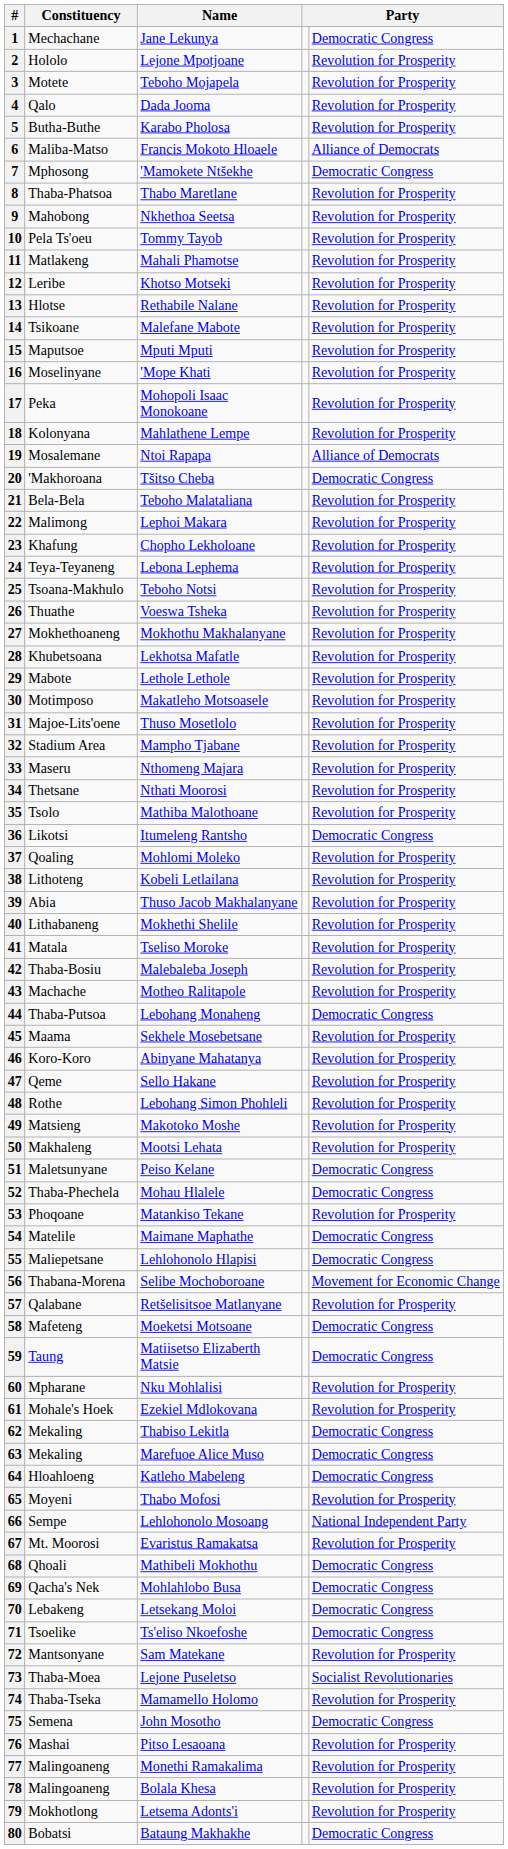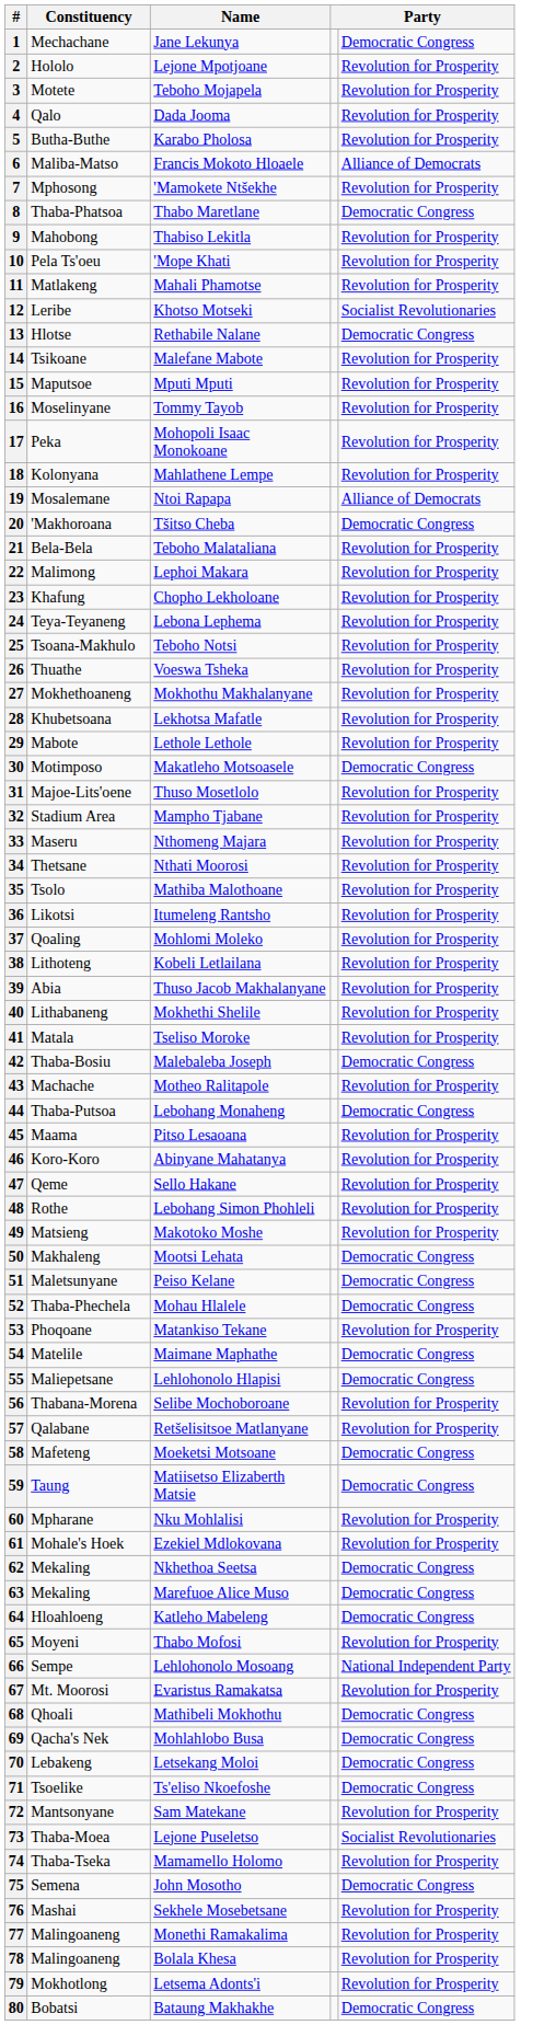 <table class="wikitable sortable" id="elected-mps">
 <tr>
 <th>#</th>
 <th style="width:120px">Constituency</th>
 <th style="width:180px">Name</th>
 <th colspan=2>Party</th>
 </tr>
 <tr>
 <th>1</th>
 <td>Mechachane</td>
 <td><a href='#'>Jane Lekunya</a></td>
 <td style="background-color: "></td>
 <td><a href='#'>Democratic Congress</a></td>
 </tr>
 <tr>
 <th>2</th>
 <td>Hololo</td>
 <td><a href='#'>Lejone Mpotjoane</a></td>
 <td style="background-color: "></td>
 <td><a href='#'>Revolution for Prosperity</a></td>
 </tr>
 <tr>
 <th>3</th>
 <td>Motete</td>
 <td><a href='#'>Teboho Mojapela</a></td>
 <td style="background-color: "></td>
 <td><a href='#'>Revolution for Prosperity</a></td>
 </tr>
 <tr>
 <th>4</th>
 <td>Qalo</td>
 <td><a href='#'>Dada Jooma</a></td>
 <td style="background-color: "></td>
 <td><a href='#'>Revolution for Prosperity</a></td>
 </tr>
 <tr>
 <th>5</th>
 <td>Butha-Buthe</td>
 <td><a href='#'>Karabo Pholosa</a></td>
 <td style="background-color: "></td>
 <td><a href='#'>Revolution for Prosperity</a></td>
 </tr>
 <tr>
 <th>6</th>
 <td>Maliba-Matso</td>
 <td><a href='#'>Francis Mokoto Hloaele</a></td>
 <td style="background-color: "></td>
 <td><a href='#'>Alliance of Democrats</a></td>
 </tr>
 <tr>
 <th>7</th>
 <td>Mphosong</td>
 <td><a href='#'>'Mamokete Ntšekhe</a></td>
 <td style="background-color: "></td>
-<td><a href='#'>Democratic Congress</a></td>
+<td><a href='#'>Revolution for Prosperity</a></td>
 </tr>
 <tr>
 <th>8</th>
 <td>Thaba-Phatsoa</td>
 <td><a href='#'>Thabo Maretlane</a></td>
 <td style="background-color: "></td>
-<td><a href='#'>Revolution for Prosperity</a></td>
+<td><a href='#'>Democratic Congress</a></td>
 </tr>
 <tr>
 <th>9</th>
 <td>Mahobong</td>
-<td><a href='#'>Nkhethoa Seetsa</a></td>
+<td><a href='#'>Thabiso Lekitla</a></td>
 <td style="background-color: "></td>
 <td><a href='#'>Revolution for Prosperity</a></td>
 </tr>
 <tr>
 <th>10</th>
 <td>Pela Ts'oeu</td>
-<td><a href='#'>Tommy Tayob</a></td>
+<td><a href='#'>'Mope Khati</a></td>
 <td style="background-color: "></td>
 <td><a href='#'>Revolution for Prosperity</a></td>
 </tr>
 <tr>
 <th>11</th>
 <td>Matlakeng</td>
 <td><a href='#'>Mahali Phamotse</a></td>
 <td style="background-color: "></td>
 <td><a href='#'>Revolution for Prosperity</a></td>
 </tr>
 <tr>
 <th>12</th>
 <td>Leribe</td>
 <td><a href='#'>Khotso Motseki</a></td>
 <td style="background-color: "></td>
-<td><a href='#'>Revolution for Prosperity</a></td>
+<td><a href='#'>Socialist Revolutionaries</a></td>
 </tr>
 <tr>
 <th>13</th>
 <td>Hlotse</td>
 <td><a href='#'>Rethabile Nalane</a></td>
 <td style="background-color: "></td>
-<td><a href='#'>Revolution for Prosperity</a></td>
+<td><a href='#'>Democratic Congress</a></td>
 </tr>
 <tr>
 <th>14</th>
 <td>Tsikoane</td>
 <td><a href='#'>Malefane Mabote</a></td>
 <td style="background-color: "></td>
 <td><a href='#'>Revolution for Prosperity</a></td>
 </tr>
 <tr>
 <th>15</th>
 <td>Maputsoe</td>
 <td><a href='#'>Mputi Mputi</a></td>
 <td style="background-color: "></td>
 <td><a href='#'>Revolution for Prosperity</a></td>
 </tr>
 <tr>
 <th>16</th>
 <td>Moselinyane</td>
-<td><a href='#'>'Mope Khati</a></td>
+<td><a href='#'>Tommy Tayob</a></td>
 <td style="background-color: "></td>
 <td><a href='#'>Revolution for Prosperity</a></td>
 </tr>
 <tr>
 <th>17</th>
 <td>Peka</td>
 <td><a href='#'>Mohopoli Isaac Monokoane</a></td>
 <td style="background-color: "></td>
 <td><a href='#'>Revolution for Prosperity</a></td>
 </tr>
 <tr>
 <th>18</th>
 <td>Kolonyana</td>
 <td><a href='#'>Mahlathene Lempe</a></td>
 <td style="background-color: "></td>
 <td><a href='#'>Revolution for Prosperity</a></td>
 </tr>
 <tr>
 <th>19</th>
 <td>Mosalemane</td>
 <td><a href='#'>Ntoi Rapapa</a></td>
 <td style="background-color: "></td>
 <td><a href='#'>Alliance of Democrats</a></td>
 </tr>
 <tr>
 <th>20</th>
 <td>'Makhoroana</td>
 <td><a href='#'>Tšitso Cheba</a></td>
 <td style="background-color: "></td>
 <td><a href='#'>Democratic Congress</a></td>
 </tr>
 <tr>
 <th>21</th>
 <td>Bela-Bela</td>
 <td><a href='#'>Teboho Malataliana</a></td>
 <td style="background-color: "></td>
 <td><a href='#'>Revolution for Prosperity</a></td>
 </tr>
 <tr>
 <th>22</th>
 <td>Malimong</td>
 <td><a href='#'>Lephoi Makara</a></td>
 <td style="background-color: "></td>
 <td><a href='#'>Revolution for Prosperity</a></td>
 </tr>
 <tr>
 <th>23</th>
 <td>Khafung</td>
 <td><a href='#'>Chopho Lekholoane</a></td>
 <td style="background-color: "></td>
 <td><a href='#'>Revolution for Prosperity</a></td>
 </tr>
 <tr>
 <th>24</th>
 <td>Teya-Teyaneng</td>
 <td><a href='#'>Lebona Lephema</a></td>
 <td style="background-color: "></td>
 <td><a href='#'>Revolution for Prosperity</a></td>
 </tr>
 <tr>
 <th>25</th>
 <td>Tsoana-Makhulo</td>
 <td><a href='#'>Teboho Notsi</a></td>
 <td style="background-color: "></td>
 <td><a href='#'>Revolution for Prosperity</a></td>
 </tr>
 <tr>
 <th>26</th>
 <td>Thuathe</td>
 <td><a href='#'>Voeswa Tsheka</a></td>
 <td style="background-color: "></td>
 <td><a href='#'>Revolution for Prosperity</a></td>
 </tr>
 <tr>
 <th>27</th>
 <td>Mokhethoaneng</td>
 <td><a href='#'>Mokhothu Makhalanyane</a></td>
 <td style="background-color: "></td>
 <td><a href='#'>Revolution for Prosperity</a></td>
 </tr>
 <tr>
 <th>28</th>
 <td>Khubetsoana</td>
 <td><a href='#'>Lekhotsa Mafatle</a></td>
 <td style="background-color: "></td>
 <td><a href='#'>Revolution for Prosperity</a></td>
 </tr>
 <tr>
 <th>29</th>
 <td>Mabote</td>
 <td><a href='#'>Lethole Lethole</a></td>
 <td style="background-color: "></td>
 <td><a href='#'>Revolution for Prosperity</a></td>
 </tr>
 <tr>
 <th>30</th>
 <td>Motimposo</td>
 <td><a href='#'>Makatleho Motsoasele</a></td>
 <td style="background-color: "></td>
-<td><a href='#'>Revolution for Prosperity</a></td>
+<td><a href='#'>Democratic Congress</a></td>
 </tr>
 <tr>
 <th>31</th>
 <td>Majoe-Lits'oene</td>
 <td><a href='#'>Thuso Mosetlolo</a></td>
 <td style="background-color: "></td>
 <td><a href='#'>Revolution for Prosperity</a></td>
 </tr>
 <tr>
 <th>32</th>
 <td>Stadium Area</td>
 <td><a href='#'>Mampho Tjabane</a></td>
 <td style="background-color: "></td>
 <td><a href='#'>Revolution for Prosperity</a></td>
 </tr>
 <tr>
 <th>33</th>
 <td>Maseru</td>
 <td><a href='#'>Nthomeng Majara</a></td>
 <td style="background-color: "></td>
 <td><a href='#'>Revolution for Prosperity</a></td>
 </tr>
 <tr>
 <th>34</th>
 <td>Thetsane</td>
 <td><a href='#'>Nthati Moorosi</a></td>
 <td style="background-color: "></td>
 <td><a href='#'>Revolution for Prosperity</a></td>
 </tr>
 <tr>
 <th>35</th>
 <td>Tsolo</td>
 <td><a href='#'>Mathiba Malothoane</a></td>
 <td style="background-color: "></td>
 <td><a href='#'>Revolution for Prosperity</a></td>
 </tr>
 <tr>
 <th>36</th>
 <td>Likotsi</td>
 <td><a href='#'>Itumeleng Rantsho</a></td>
 <td style="background-color: "></td>
-<td><a href='#'>Democratic Congress</a></td>
+<td><a href='#'>Revolution for Prosperity</a></td>
 </tr>
 <tr>
 <th>37</th>
 <td>Qoaling</td>
 <td><a href='#'>Mohlomi Moleko</a></td>
 <td style="background-color: "></td>
 <td><a href='#'>Revolution for Prosperity</a></td>
 </tr>
 <tr>
 <th>38</th>
 <td>Lithoteng</td>
 <td><a href='#'>Kobeli Letlailana</a></td>
 <td style="background-color: "></td>
 <td><a href='#'>Revolution for Prosperity</a></td>
 </tr>
 <tr>
 <th>39</th>
 <td>Abia</td>
 <td><a href='#'>Thuso Jacob Makhalanyane</a></td>
 <td style="background-color: "></td>
 <td><a href='#'>Revolution for Prosperity</a></td>
 </tr>
 <tr>
 <th>40</th>
 <td>Lithabaneng</td>
 <td><a href='#'>Mokhethi Shelile</a></td>
 <td style="background-color: "></td>
 <td><a href='#'>Revolution for Prosperity</a></td>
 </tr>
 <tr>
 <th>41</th>
 <td>Matala</td>
 <td><a href='#'>Tseliso Moroke</a></td>
 <td style="background-color: "></td>
 <td><a href='#'>Revolution for Prosperity</a></td>
 </tr>
 <tr>
 <th>42</th>
 <td>Thaba-Bosiu</td>
 <td><a href='#'>Malebaleba Joseph</a></td>
 <td style="background-color: "></td>
-<td><a href='#'>Revolution for Prosperity</a></td>
+<td><a href='#'>Democratic Congress</a></td>
 </tr>
 <tr>
 <th>43</th>
 <td>Machache</td>
 <td><a href='#'>Motheo Ralitapole</a></td>
 <td style="background-color: "></td>
 <td><a href='#'>Revolution for Prosperity</a></td>
 </tr>
 <tr>
 <th>44</th>
 <td>Thaba-Putsoa</td>
 <td><a href='#'>Lebohang Monaheng</a></td>
 <td style="background-color: "></td>
 <td><a href='#'>Democratic Congress</a></td>
 </tr>
 <tr>
 <th>45</th>
 <td>Maama</td>
-<td><a href='#'>Sekhele Mosebetsane</a></td>
+<td><a href='#'>Pitso Lesaoana</a></td>
 <td style="background-color: "></td>
 <td><a href='#'>Revolution for Prosperity</a></td>
 </tr>
 <tr>
 <th>46</th>
 <td>Koro-Koro</td>
 <td><a href='#'>Abinyane Mahatanya</a></td>
 <td style="background-color: "></td>
 <td><a href='#'>Revolution for Prosperity</a></td>
 </tr>
 <tr>
 <th>47</th>
 <td>Qeme</td>
 <td><a href='#'>Sello Hakane</a></td>
 <td style="background-color: "></td>
 <td><a href='#'>Revolution for Prosperity</a></td>
 </tr>
 <tr>
 <th>48</th>
 <td>Rothe</td>
 <td><a href='#'>Lebohang Simon Phohleli</a></td>
 <td style="background-color: "></td>
 <td><a href='#'>Revolution for Prosperity</a></td>
 </tr>
 <tr>
 <th>49</th>
 <td>Matsieng</td>
 <td><a href='#'>Makotoko Moshe</a></td>
 <td style="background-color: "></td>
 <td><a href='#'>Revolution for Prosperity</a></td>
 </tr>
 <tr>
 <th>50</th>
 <td>Makhaleng</td>
 <td><a href='#'>Mootsi Lehata</a></td>
 <td style="background-color: "></td>
-<td><a href='#'>Revolution for Prosperity</a></td>
+<td><a href='#'>Democratic Congress</a></td>
 </tr>
 <tr>
 <th>51</th>
 <td>Maletsunyane</td>
 <td><a href='#'>Peiso Kelane</a></td>
 <td style="background-color: "></td>
 <td><a href='#'>Democratic Congress</a></td>
 </tr>
 <tr>
 <th>52</th>
 <td>Thaba-Phechela</td>
 <td><a href='#'>Mohau Hlalele</a></td>
 <td style="background-color: "></td>
 <td><a href='#'>Democratic Congress</a></td>
 </tr>
 <tr>
 <th>53</th>
 <td>Phoqoane</td>
 <td><a href='#'>Matankiso Tekane</a></td>
 <td style="background-color: "></td>
 <td><a href='#'>Revolution for Prosperity</a></td>
 </tr>
 <tr>
 <th>54</th>
 <td>Matelile</td>
 <td><a href='#'>Maimane Maphathe</a></td>
 <td style="background-color: "></td>
 <td><a href='#'>Democratic Congress</a></td>
 </tr>
 <tr>
 <th>55</th>
 <td>Maliepetsane</td>
 <td><a href='#'>Lehlohonolo Hlapisi</a></td>
 <td style="background-color: "></td>
 <td><a href='#'>Democratic Congress</a></td>
 </tr>
 <tr>
 <th>56</th>
 <td>Thabana-Morena</td>
 <td><a href='#'>Selibe Mochoboroane</a></td>
 <td style="background-color: "></td>
-<td><a href='#'>Movement for Economic Change</a></td>
+<td><a href='#'>Revolution for Prosperity</a></td>
 </tr>
 <tr>
 <th>57</th>
 <td>Qalabane</td>
 <td><a href='#'>Retšelisitsoe Matlanyane</a></td>
 <td style="background-color: "></td>
 <td><a href='#'>Revolution for Prosperity</a></td>
 </tr>
 <tr>
 <th>58</th>
 <td>Mafeteng</td>
 <td><a href='#'>Moeketsi Motsoane</a></td>
 <td style="background-color: "></td>
 <td><a href='#'>Democratic Congress</a></td>
 </tr>
 <tr>
 <th>59</th>
 <td><a href='#'>Taung</a></td>
 <td><a href='#'>Matiisetso Elizaberth Matsie</a></td>
 <td style="background-color: "></td>
 <td><a href='#'>Democratic Congress</a></td>
 </tr>
 <tr>
 <th>60</th>
 <td>Mpharane</td>
 <td><a href='#'>Nku Mohlalisi</a></td>
 <td style="background-color: "></td>
 <td><a href='#'>Revolution for Prosperity</a></td>
 </tr>
 <tr>
 <th>61</th>
 <td>Mohale's Hoek</td>
 <td><a href='#'>Ezekiel Mdlokovana</a></td>
 <td style="background-color: "></td>
 <td><a href='#'>Revolution for Prosperity</a></td>
 </tr>
 <tr>
 <th>62</th>
 <td>Mekaling</td>
-<td><a href='#'>Thabiso Lekitla</a></td>
+<td><a href='#'>Nkhethoa Seetsa</a></td>
 <td style="background-color: "></td>
 <td><a href='#'>Democratic Congress</a></td>
 </tr>
 <tr>
 <th>63</th>
 <td>Mekaling</td>
 <td><a href='#'>Marefuoe Alice Muso</a></td>
 <td style="background-color: "></td>
 <td><a href='#'>Democratic Congress</a></td>
 </tr>
 <tr>
 <th>64</th>
 <td>Hloahloeng</td>
 <td><a href='#'>Katleho Mabeleng</a></td>
 <td style="background-color: "></td>
 <td><a href='#'>Democratic Congress</a></td>
 </tr>
 <tr>
 <th>65</th>
 <td>Moyeni</td>
 <td><a href='#'>Thabo Mofosi</a></td>
 <td style="background-color: "></td>
 <td><a href='#'>Revolution for Prosperity</a></td>
 </tr>
 <tr>
 <th>66</th>
 <td>Sempe</td>
 <td><a href='#'>Lehlohonolo Mosoang</a></td>
 <td style="background-color: "></td>
 <td><a href='#'>National Independent Party</a></td>
 </tr>
 <tr>
 <th>67</th>
 <td>Mt. Moorosi</td>
 <td><a href='#'>Evaristus Ramakatsa</a></td>
 <td style="background-color: "></td>
 <td><a href='#'>Revolution for Prosperity</a></td>
 </tr>
 <tr>
 <th>68</th>
 <td>Qhoali</td>
 <td><a href='#'>Mathibeli Mokhothu</a></td>
 <td style="background-color: "></td>
 <td><a href='#'>Democratic Congress</a></td>
 </tr>
 <tr>
 <th>69</th>
 <td>Qacha's Nek</td>
 <td><a href='#'>Mohlahlobo Busa</a></td>
 <td style="background-color: "></td>
 <td><a href='#'>Democratic Congress</a></td>
 </tr>
 <tr>
 <th>70</th>
 <td>Lebakeng</td>
 <td><a href='#'>Letsekang Moloi</a></td>
 <td style="background-color: "></td>
 <td><a href='#'>Democratic Congress</a></td>
 </tr>
 <tr>
 <th>71</th>
 <td>Tsoelike</td>
 <td><a href='#'>Ts'eliso Nkoefoshe</a></td>
 <td style="background-color: "></td>
 <td><a href='#'>Democratic Congress</a></td>
 </tr>
 <tr>
 <th>72</th>
 <td>Mantsonyane</td>
 <td><a href='#'>Sam Matekane</a></td>
 <td style="background-color: "></td>
 <td><a href='#'>Revolution for Prosperity</a></td>
 </tr>
 <tr>
 <th>73</th>
 <td>Thaba-Moea</td>
 <td><a href='#'>Lejone Puseletso</a></td>
 <td style="background-color: "></td>
 <td><a href='#'>Socialist Revolutionaries</a></td>
 </tr>
 <tr>
 <th>74</th>
 <td>Thaba-Tseka</td>
 <td><a href='#'>Mamamello Holomo</a></td>
 <td style="background-color: "></td>
 <td><a href='#'>Revolution for Prosperity</a></td>
 </tr>
 <tr>
 <th>75</th>
 <td>Semena</td>
 <td><a href='#'>John Mosotho</a></td>
 <td style="background-color: "></td>
 <td><a href='#'>Democratic Congress</a></td>
 </tr>
 <tr>
 <th>76</th>
 <td>Mashai</td>
-<td><a href='#'>Pitso Lesaoana</a></td>
+<td><a href='#'>Sekhele Mosebetsane</a></td>
 <td style="background-color: "></td>
 <td><a href='#'>Revolution for Prosperity</a></td>
 </tr>
 <tr>
 <th>77</th>
 <td>Malingoaneng</td>
 <td><a href='#'>Monethi Ramakalima</a></td>
 <td style="background-color: "></td>
 <td><a href='#'>Revolution for Prosperity</a></td>
 </tr>
 <tr>
 <th>78</th>
 <td>Malingoaneng</td>
 <td><a href='#'>Bolala Khesa</a></td>
 <td style="background-color: "></td>
 <td><a href='#'>Revolution for Prosperity</a></td>
 </tr>
 <tr>
 <th>79</th>
 <td>Mokhotlong</td>
 <td><a href='#'>Letsema Adonts'i</a></td>
 <td style="background-color: "></td>
 <td><a href='#'>Revolution for Prosperity</a></td>
 </tr>
 <tr>
 <th>80</th>
 <td>Bobatsi</td>
 <td><a href='#'>Bataung Makhakhe</a></td>
 <td style="background-color: "></td>
 <td><a href='#'>Democratic Congress</a></td>
 </tr>
 </table>
